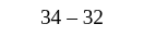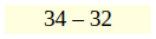 <table style="text-align:center">
 <tr>
 <th width=200></th>
 <th width=100></th>
 <th width=200></th>
 </tr>
 <tr>
 <td align=right><strong></strong></td>
-<td>34 – 32</td>
+<td style="background: lightyellow;">34 – 32</td>
 <td align=left></td>
 </tr>
 </table>
